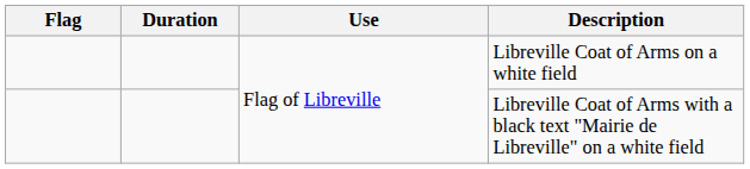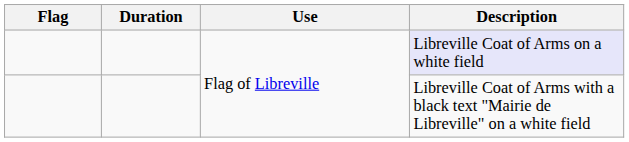 <table class="wikitable">
 <tr>
 <th width="110">Flag</th>
 <th width="100">Duration</th>
 <th width="250">Use</th>
 <th width="250">Description</th>
 </tr>
 <tr>
 <td></td>
 <td></td>
 <td rowspan="2">Flag of <a href='#'>Libreville</a></td>
-<td>Libreville Coat of Arms on a white field</td>
+<td style="background: lavender;">Libreville Coat of Arms on a white field</td>
 </tr>
 <tr>
 <td></td>
 <td></td>
 <td>Libreville Coat of Arms with a black text "Mairie de Libreville" on a white field</td>
 </tr>
 </table>
